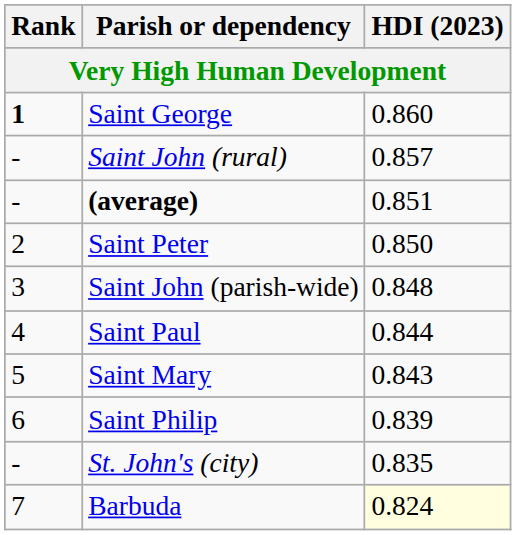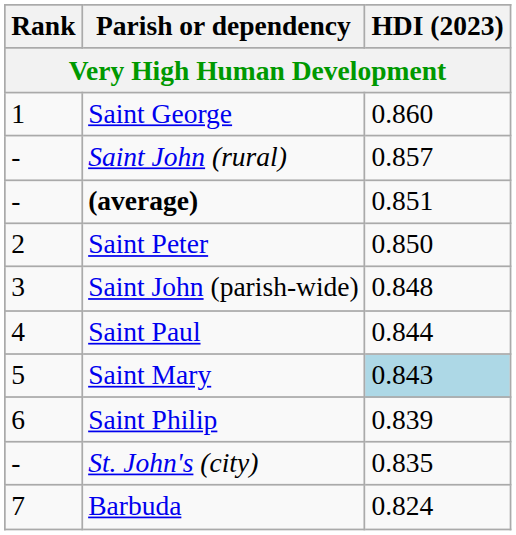 <table class="wikitable sortable">
 <tr>
 <th>Rank</th>
 <th>Parish or dependency</th>
 <th>HDI (2023)</th>
 </tr>
 <tr>
 <th colspan="3" style="color:#090;">Very High Human Development</th>
 </tr>
 <tr>
-<td><strong>1</strong></td>
+<td>1</td>
 <td><a href='#'>Saint George</a></td>
 <td>0.860</td>
 </tr>
 <tr>
 <td>-</td>
 <td><em><a href='#'>Saint John</a> (rural)</em></td>
 <td>0.857</td>
 </tr>
 <tr>
 <td>-</td>
 <td><strong></strong> <strong>(average)</strong></td>
 <td>0.851</td>
 </tr>
 <tr>
 <td>2</td>
 <td><a href='#'>Saint Peter</a></td>
 <td>0.850</td>
 </tr>
 <tr>
 <td>3</td>
 <td><a href='#'>Saint John</a> (parish-wide)</td>
 <td>0.848</td>
 </tr>
 <tr>
 <td>4</td>
 <td><a href='#'>Saint Paul</a></td>
 <td>0.844</td>
 </tr>
 <tr>
 <td>5</td>
 <td><a href='#'>Saint Mary</a></td>
-<td>0.843</td>
+<td style="background: lightblue;">0.843</td>
 </tr>
 <tr>
 <td>6</td>
 <td><a href='#'>Saint Philip</a></td>
 <td>0.839</td>
 </tr>
 <tr>
 <td>-</td>
 <td><em><a href='#'>St. John's</a> (city)</em></td>
 <td>0.835</td>
 </tr>
 <tr>
 <td>7</td>
 <td><a href='#'>Barbuda</a></td>
-<td style="background: lightyellow;">0.824</td>
+<td>0.824</td>
 </tr>
 </table>
